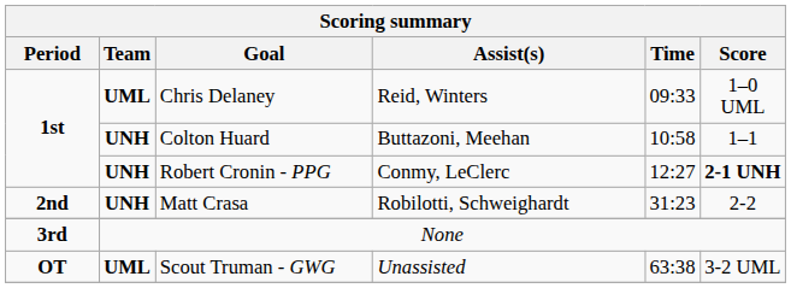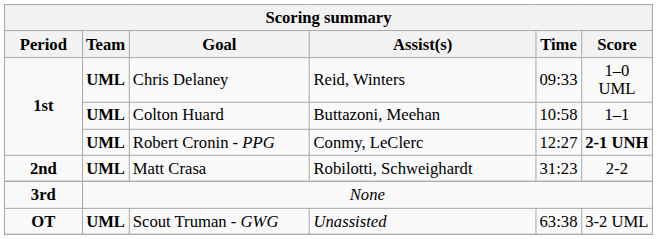 <table style="width:100%;" class="wikitable">
 <tr>
 <th colspan=6>Scoring summary</th>
 </tr>
 <tr>
 <th style="width:12%;">Period</th>
 <th style="width:7%;">Team</th>
 <th style="width:28%;">Goal</th>
 <th style="width:35%;">Assist(s)</th>
 <th style="width:7%;">Time</th>
 <th style="width:11%;">Score</th>
 </tr>
 <tr>
 <td style="text-align:center;" rowspan="3"><strong>1st</strong></td>
 <td align=center><strong>UML</strong></td>
 <td>Chris Delaney</td>
 <td>Reid, Winters</td>
 <td align=center>09:33</td>
 <td align=center>1–0 UML</td>
 </tr>
 <tr>
-<td align=center><strong>UNH</strong></td>
+<td align=center><strong>UML</strong></td>
 <td>Colton Huard</td>
 <td>Buttazoni, Meehan</td>
 <td align=center>10:58</td>
 <td align=center>1–1</td>
 </tr>
 <tr>
-<td align=center><strong>UNH</strong></td>
+<td align=center><strong>UML</strong></td>
 <td>Robert Cronin - <em>PPG</em></td>
 <td>Conmy, LeClerc</td>
 <td align=center>12:27</td>
 <td align=center><strong>2-1 UNH</strong></td>
 </tr>
 <tr>
 <td style="text-align:center;" rowspan="1"><strong>2nd</strong></td>
-<td align=center><strong>UNH</strong></td>
+<td align=center><strong>UML</strong></td>
 <td>Matt Crasa</td>
 <td>Robilotti, Schweighardt</td>
 <td align=center>31:23</td>
 <td align=center>2-2</td>
 </tr>
 <tr>
 </tr>
 <tr>
 <td style="text-align:center;" rowspan="1"><strong>3rd</strong></td>
 <td style="text-align:center;" colspan="5"><em>None</em></td>
 </tr>
 <tr>
 <td style="text-align:center;" rowspan="1"><strong>OT</strong></td>
 <td align=center><strong>UML</strong></td>
 <td>Scout Truman - <em>GWG</em></td>
 <td><em>Unassisted</em></td>
 <td align=center>63:38</td>
 <td align=center>3-2 UML</td>
 </tr>
 <tr>
 </tr>
 </table>
